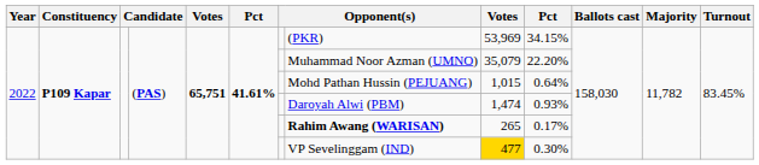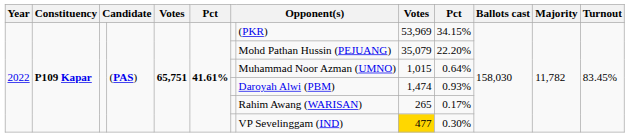 <table class="wikitable" style="margin:0.5em ; font-size:95%">
 <tr>
 <th>Year</th>
 <th>Constituency</th>
 <th colspan=2>Candidate</th>
 <th>Votes</th>
 <th>Pct</th>
 <th colspan=2>Opponent(s)</th>
 <th>Votes</th>
 <th>Pct</th>
 <th>Ballots cast</th>
 <th>Majority</th>
 <th>Turnout</th>
 </tr>
 <tr>
 <td rowspan=6><a href='#'>2022</a></td>
 <td rowspan=6><strong>P109 <a href='#'>Kapar</a></strong></td>
 <td rowspan=6 bgcolor=></td>
 <td rowspan=6> (<a href='#'><strong>PAS</strong></a>)</td>
 <td rowspan=6 align="right"><strong>65,751</strong></td>
 <td rowspan=6><strong>41.61%</strong></td>
 <td></td>
 <td> (<a href='#'>PKR</a>)</td>
 <td align="right">53,969</td>
 <td>34.15%</td>
 <td rowspan=6>158,030</td>
 <td rowspan=6>11,782</td>
 <td rowspan=6>83.45%</td>
 </tr>
 <tr>
 <td></td>
-<td>Muhammad Noor Azman (<a href='#'>UMNO</a>)</td>
+<td>Mohd Pathan Hussin (<a href='#'>PEJUANG</a>)</td>
 <td align="right">35,079</td>
 <td>22.20%</td>
 </tr>
 <tr>
 <td bgcolor=></td>
-<td>Mohd Pathan Hussin (<a href='#'>PEJUANG</a>)</td>
+<td>Muhammad Noor Azman (<a href='#'>UMNO</a>)</td>
 <td align="right">1,015</td>
 <td align="right">0.64%</td>
 </tr>
 <tr>
 <td bgcolor=></td>
 <td><a href='#'>Daroyah Alwi</a> (<a href='#'>PBM</a>)</td>
 <td align="right">1,474</td>
 <td align="right">0.93%</td>
 </tr>
 <tr>
 <td></td>
-<td><strong>Rahim Awang (<a href='#'>WARISAN</a>)</strong></td>
+<td>Rahim Awang (<a href='#'>WARISAN</a>)</td>
 <td align="right">265</td>
 <td align="right">0.17%</td>
 </tr>
 <tr>
 <td></td>
 <td>VP Sevelinggam (<a href='#'>IND</a>)</td>
 <td align="right" style="background: gold;">477</td>
 <td align="right">0.30%</td>
 </tr>
 </table>
